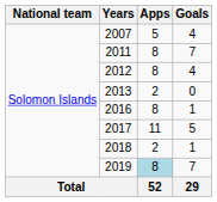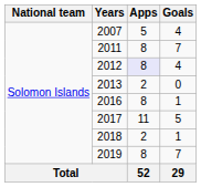 <table class="wikitable" style="text-align:center;">
 <tr>
 <th>National team</th>
 <th>Years</th>
 <th>Apps</th>
 <th>Goals</th>
 </tr>
 <tr>
 <td rowspan=8><a href='#'>Solomon Islands</a></td>
 <td>2007</td>
 <td>5</td>
 <td>4</td>
 </tr>
 <tr>
 <td>2011</td>
 <td>8</td>
 <td>7</td>
 </tr>
 <tr>
 <td>2012</td>
-<td>8</td>
+<td style="background: lavender;">8</td>
 <td>4</td>
 </tr>
 <tr>
 <td>2013</td>
 <td>2</td>
 <td>0</td>
 </tr>
 <tr>
 <td>2016</td>
 <td>8</td>
 <td>1</td>
 </tr>
 <tr>
 <td>2017</td>
 <td>11</td>
 <td>5</td>
 </tr>
 <tr>
 <td>2018</td>
 <td>2</td>
 <td>1</td>
 </tr>
 <tr>
 <td>2019</td>
-<td style="background: lightblue;">8</td>
+<td>8</td>
 <td>7</td>
 </tr>
 <tr>
 <th colspan=2>Total</th>
 <th>52</th>
 <th>29</th>
 </tr>
 </table>
